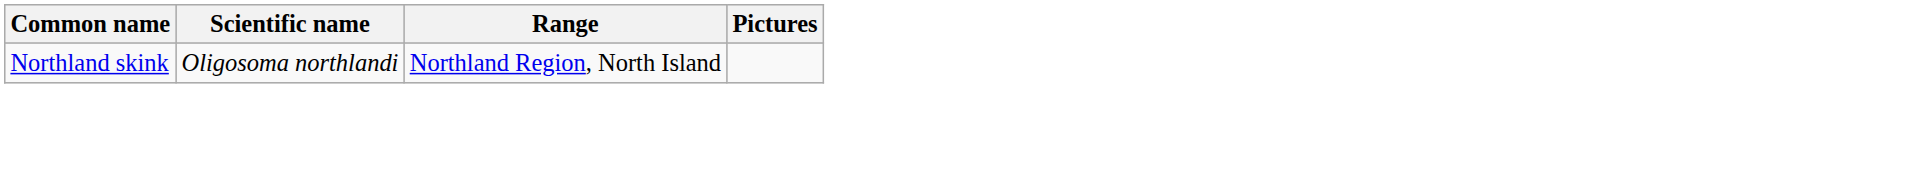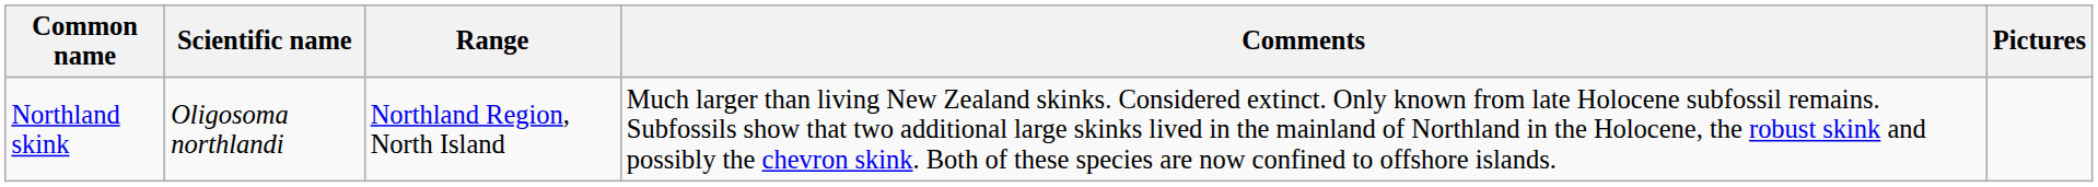 <table class="wikitable">
 <tr>
 <th>Common name</th>
 <th>Scientific name</th>
 <th>Range</th>
+<th class="unsortable">Comments</th>
 <th class="unsortable">Pictures</th>
 </tr>
 <tr>
 <td><a href='#'>Northland skink</a></td>
 <td><em>Oligosoma northlandi</em></td>
 <td><a href='#'>Northland Region</a>, North Island</td>
+<td>Much larger than living New Zealand skinks. Considered extinct. Only known from late Holocene subfossil remains.<br>Subfossils show that two additional large skinks lived in the mainland of Northland in the Holocene, the <a href='#'>robust skink</a> and possibly the <a href='#'>chevron skink</a>. Both of these species are now confined to offshore islands.</td>
 <td></td>
 </tr>
 </table>
